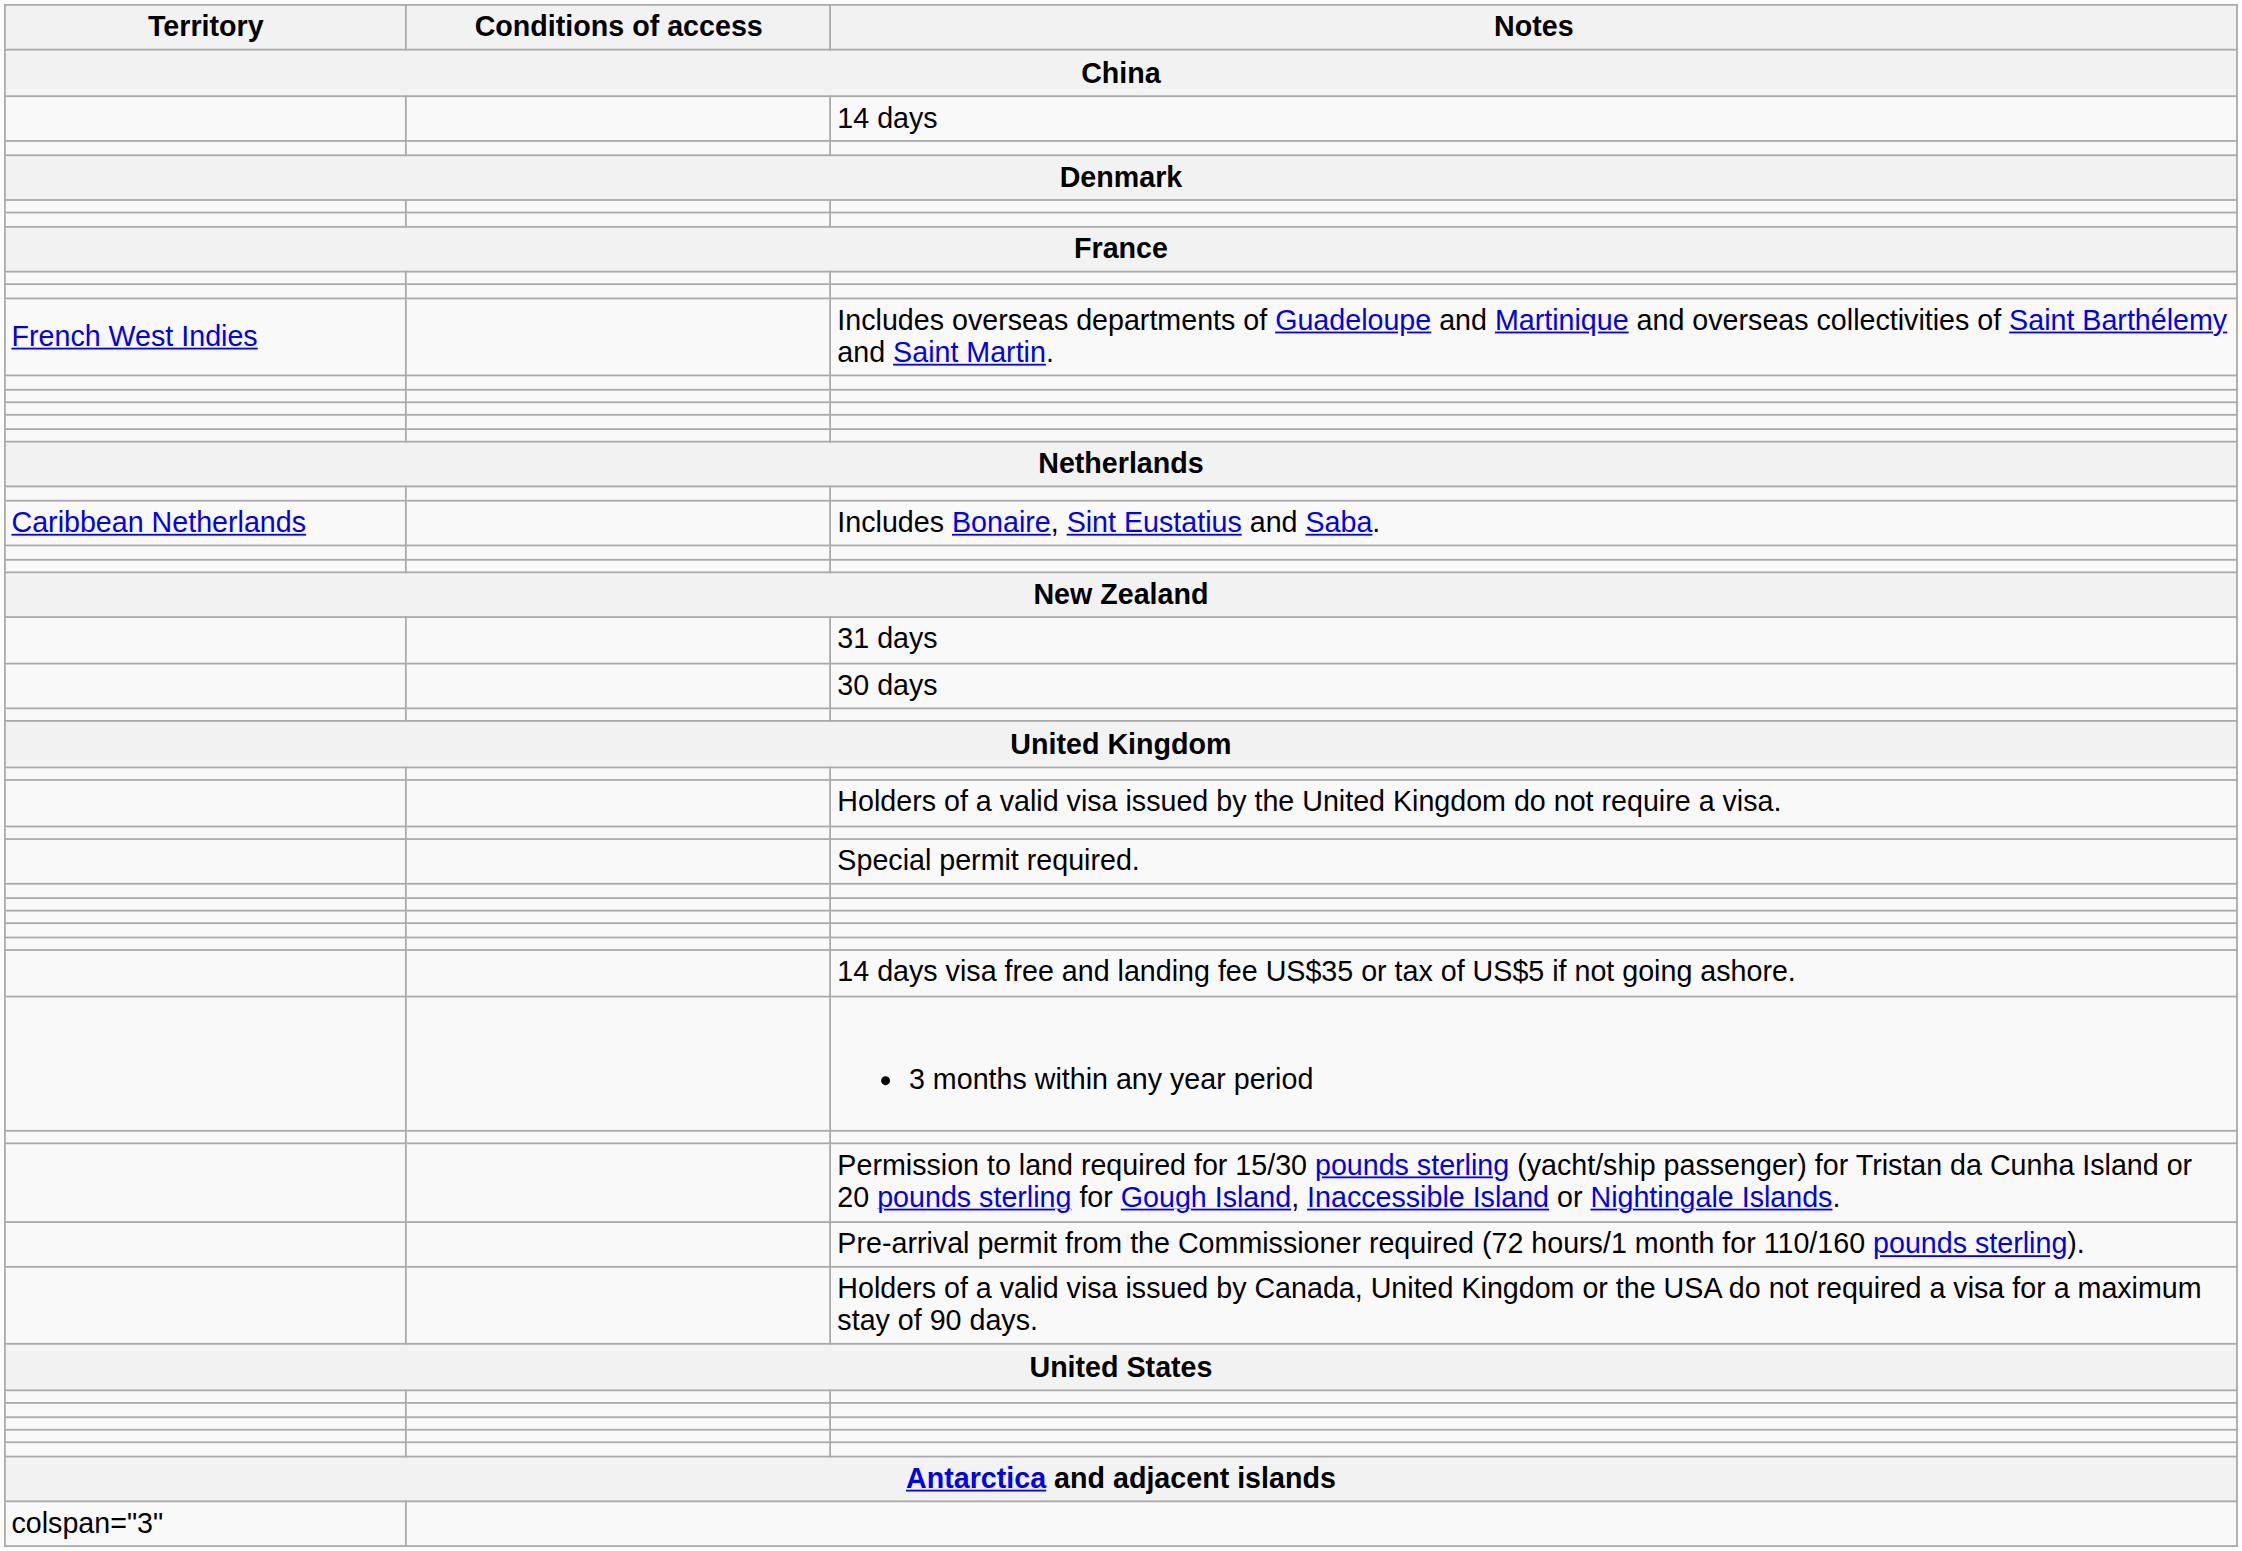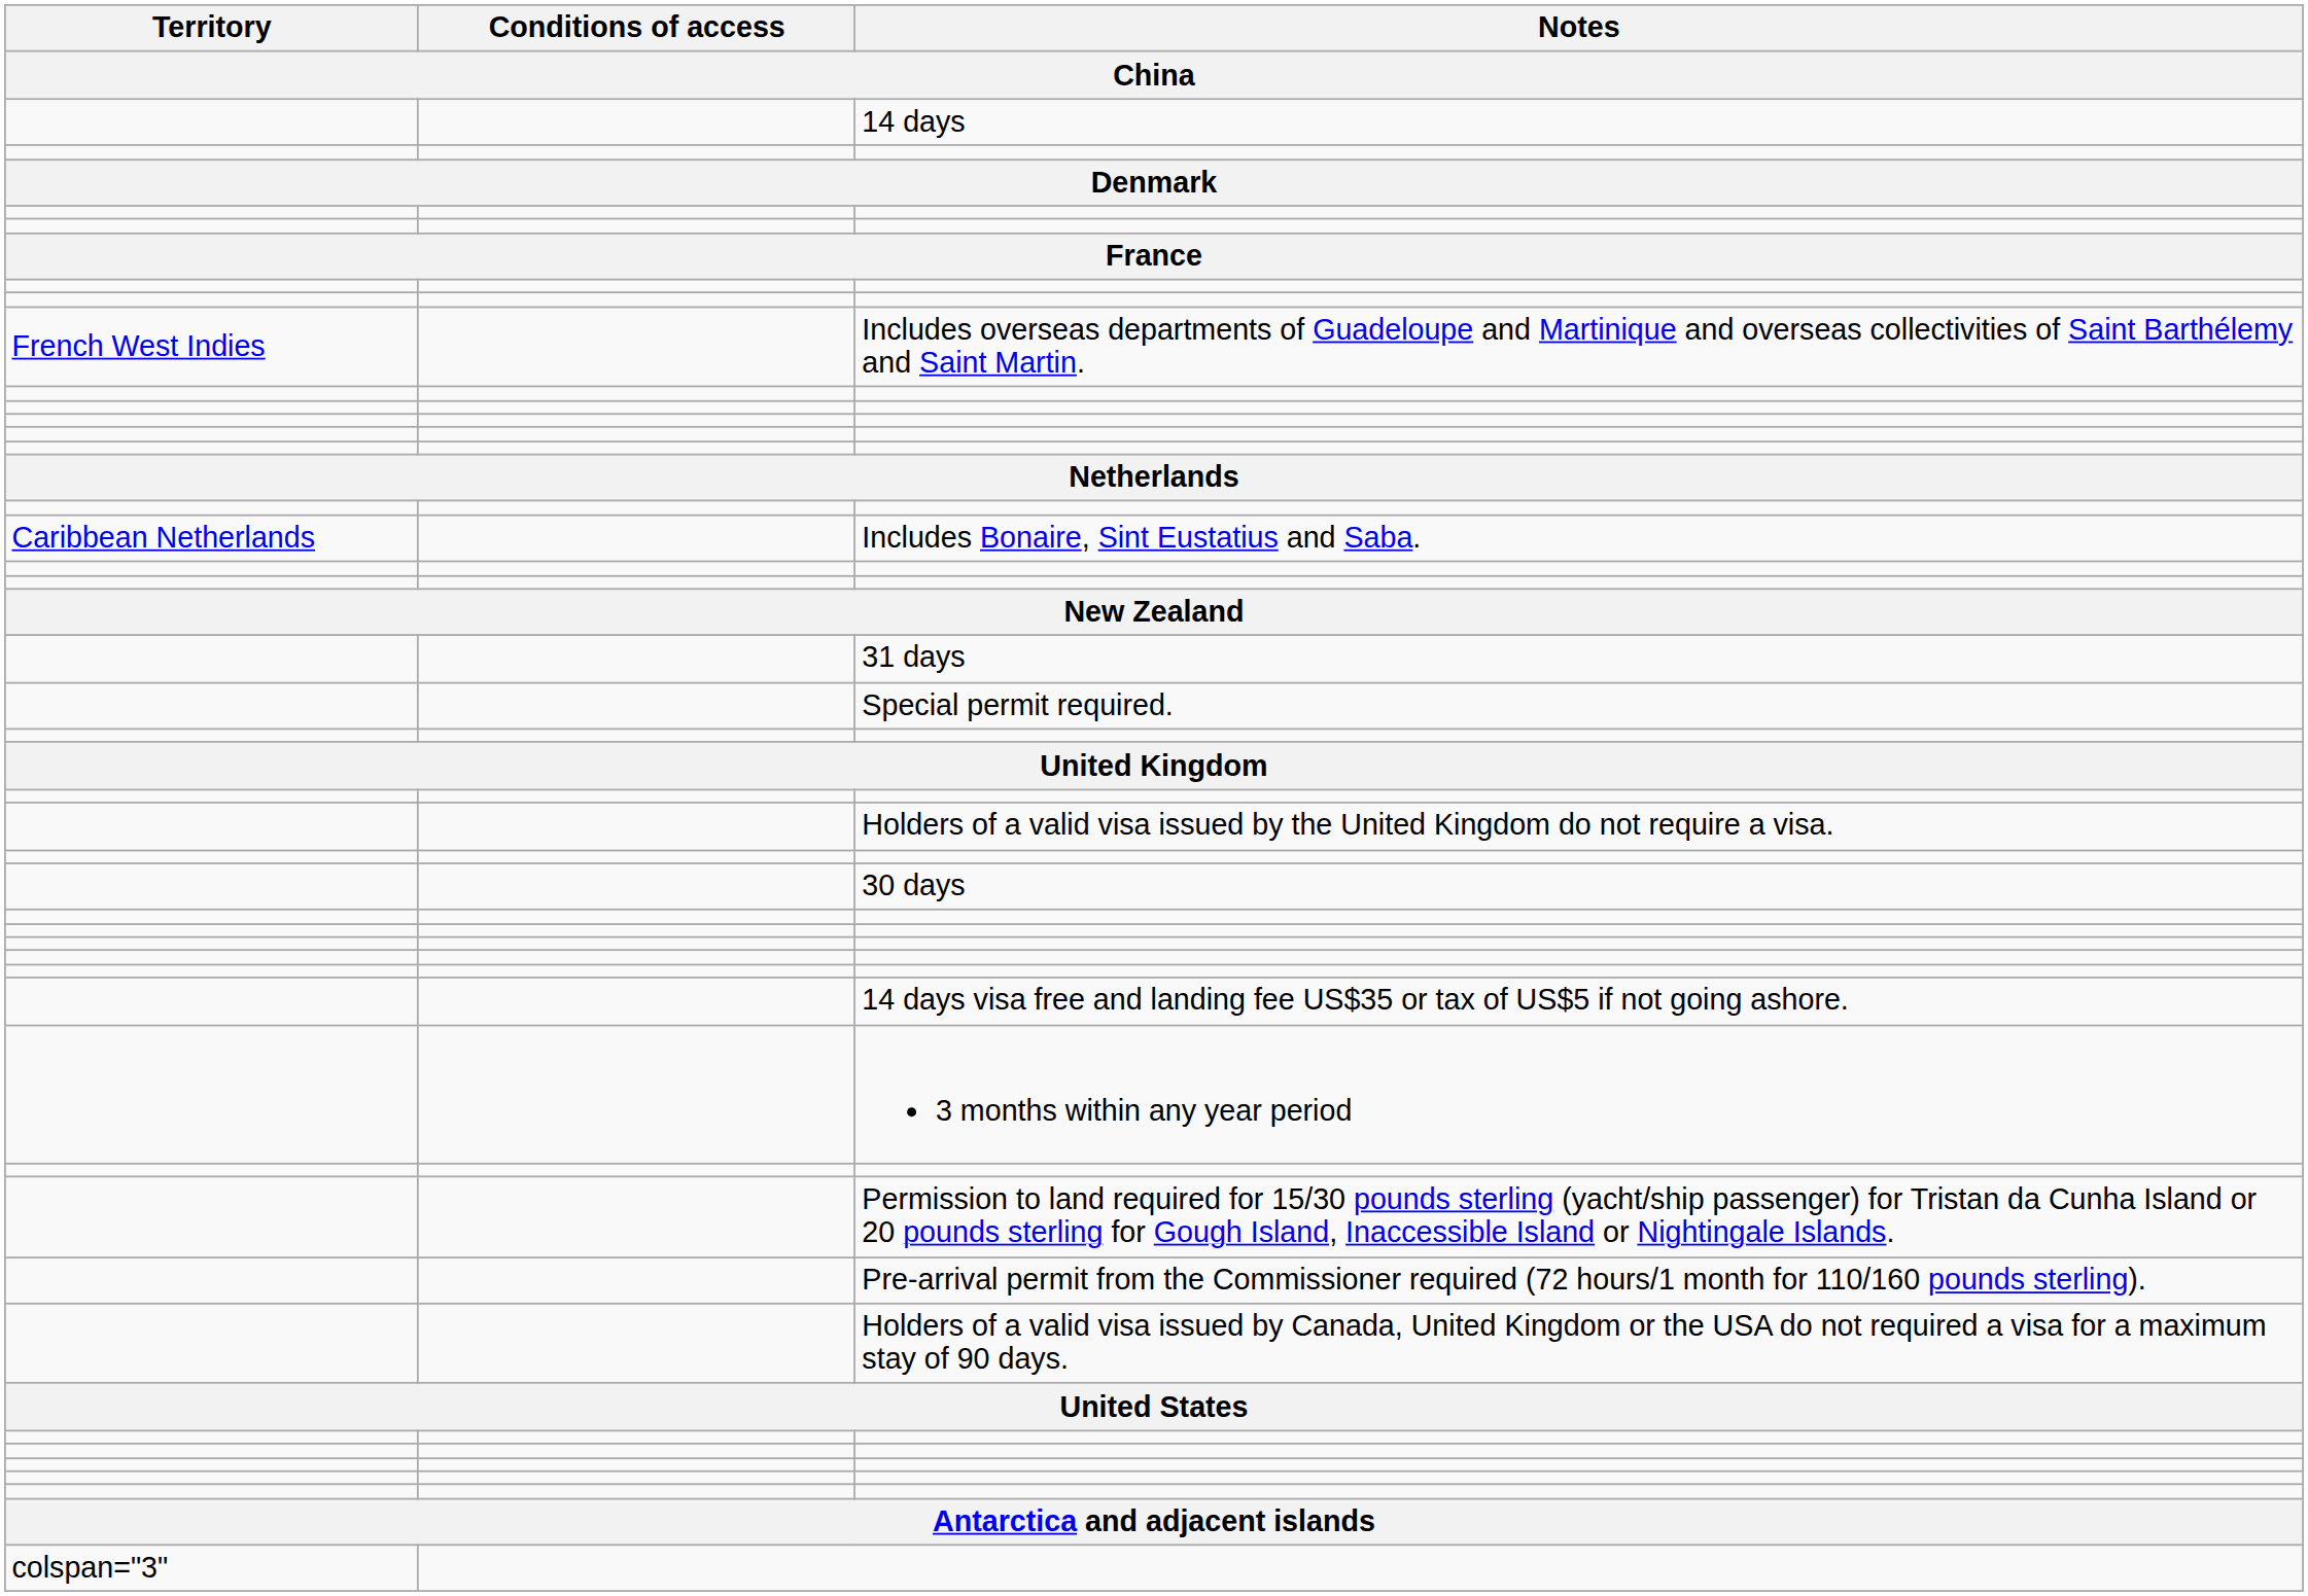 <table class="wikitable" style="text-align: left; table-layout: fixed;">
 <tr>
 <th style="width:18%;">Territory</th>
 <th style="width:19%;">Conditions of access</th>
 <th>Notes</th>
 </tr>
 <tr>
 <th colspan="3">China</th>
 </tr>
 <tr>
 <td></td>
 <td></td>
 <td>14 days</td>
 </tr>
 <tr>
 <td></td>
 <td></td>
 <td></td>
 </tr>
 <tr>
 <th colspan="3">Denmark</th>
 </tr>
 <tr>
 <td></td>
 <td></td>
 <td></td>
 </tr>
 <tr>
 <td></td>
 <td></td>
 <td></td>
 </tr>
 <tr>
 <th colspan="3">France</th>
 </tr>
 <tr>
 <td></td>
 <td></td>
 <td></td>
 </tr>
 <tr>
 <td></td>
 <td></td>
 <td></td>
 </tr>
 <tr>
 <td> <a href='#'>French West Indies</a></td>
 <td></td>
 <td>Includes overseas departments of <a href='#'>Guadeloupe</a> and <a href='#'>Martinique</a> and overseas collectivities of <a href='#'>Saint Barthélemy</a> and <a href='#'>Saint Martin</a>.</td>
 </tr>
 <tr>
 <td></td>
 <td></td>
 <td></td>
 </tr>
 <tr>
 <td></td>
 <td></td>
 <td></td>
 </tr>
 <tr>
 <td></td>
 <td></td>
 <td></td>
 </tr>
 <tr>
 <td></td>
 <td></td>
 <td></td>
 </tr>
 <tr>
 <td></td>
 <td></td>
 <td></td>
 </tr>
 <tr>
 <th colspan="3">Netherlands</th>
 </tr>
 <tr>
 <td></td>
 <td></td>
 <td></td>
 </tr>
 <tr>
 <td> <a href='#'>Caribbean Netherlands</a></td>
 <td></td>
 <td>Includes <a href='#'>Bonaire</a>, <a href='#'>Sint Eustatius</a> and <a href='#'>Saba</a>.</td>
 </tr>
 <tr>
 <td></td>
 <td></td>
 <td></td>
 </tr>
 <tr>
 <td></td>
 <td></td>
 <td></td>
 </tr>
 <tr>
 <th colspan="3">New Zealand</th>
 </tr>
 <tr>
 <td></td>
 <td></td>
 <td>31 days</td>
 </tr>
 <tr>
 <td></td>
 <td></td>
-<td>30 days</td>
+<td>Special permit required.</td>
 </tr>
 <tr>
 <td></td>
 <td></td>
 <td></td>
 </tr>
 <tr>
 <th colspan="3">United Kingdom</th>
 </tr>
 <tr>
 <td></td>
 <td></td>
 <td></td>
 </tr>
 <tr>
 <td></td>
 <td></td>
 <td>Holders of a valid visa issued by the United Kingdom do not require a visa.</td>
 </tr>
 <tr>
 <td></td>
 <td></td>
 <td></td>
 </tr>
 <tr>
 <td></td>
 <td></td>
-<td>Special permit required.</td>
+<td>30 days</td>
 </tr>
 <tr>
 <td></td>
 <td></td>
 <td></td>
 </tr>
 <tr>
 <td></td>
 <td></td>
 <td></td>
 </tr>
 <tr>
 <td></td>
 <td></td>
 <td></td>
 </tr>
 <tr>
 <td></td>
 <td></td>
 <td></td>
 </tr>
 <tr>
 <td></td>
 <td></td>
 <td></td>
 </tr>
 <tr>
 <td></td>
 <td></td>
 <td>14 days visa free and landing fee US$35 or tax of US$5 if not going ashore.</td>
 </tr>
 <tr>
 <td></td>
 <td></td>
 <td><br><ul><li>3 months within any year period</li></ul></td>
 </tr>
 <tr>
 <td></td>
 <td></td>
 <td></td>
 </tr>
 <tr>
 <td></td>
 <td></td>
 <td>Permission to land required for 15/30 <a href='#'>pounds sterling</a> (yacht/ship passenger) for Tristan da Cunha Island or 20 <a href='#'>pounds sterling</a> for <a href='#'>Gough Island</a>, <a href='#'>Inaccessible Island</a> or <a href='#'>Nightingale Islands</a>.</td>
 </tr>
 <tr>
 <td></td>
 <td></td>
 <td>Pre-arrival permit from the Commissioner required (72 hours/1 month for 110/160 <a href='#'>pounds sterling</a>).</td>
 </tr>
 <tr>
 <td></td>
 <td></td>
 <td>Holders of a valid visa issued by Canada, United Kingdom or the USA do not required a visa for a maximum stay of 90 days.</td>
 </tr>
 <tr>
 <th colspan="3">United States</th>
 </tr>
 <tr>
 <td></td>
 <td></td>
 <td></td>
 </tr>
 <tr>
 <td></td>
 <td></td>
 <td></td>
 </tr>
 <tr>
 <td></td>
 <td></td>
 <td></td>
 </tr>
 <tr>
 <td></td>
 <td></td>
 <td></td>
 </tr>
 <tr>
 <td></td>
 <td></td>
 <td></td>
 </tr>
 <tr>
 <th colspan="3"><a href='#'>Antarctica</a> and adjacent islands</th>
 </tr>
 <tr>
 <td>colspan="3" </td>
 </tr>
 </table>
